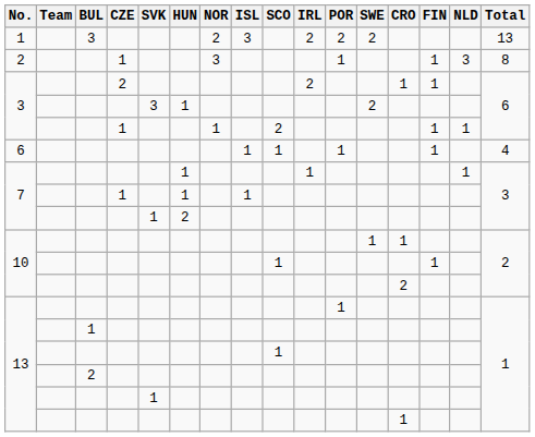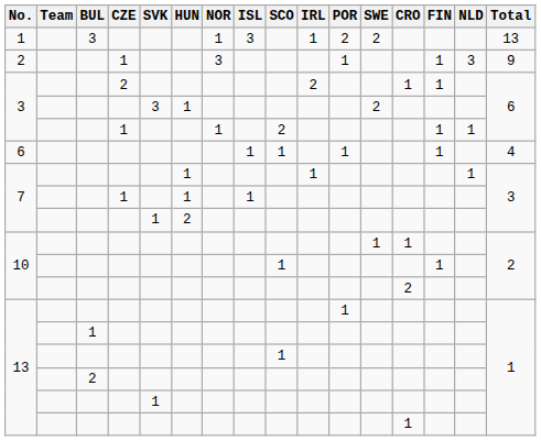 <table class=wikitable style="font-size:80%; text-align:center">
 <tr>
 <th>No.</th>
 <th>Team</th>
 <th>BUL</th>
 <th>CZE</th>
 <th>SVK</th>
 <th>HUN</th>
 <th>NOR</th>
 <th>ISL</th>
 <th>SCO</th>
 <th>IRL</th>
 <th>POR</th>
 <th>SWE</th>
 <th>CRO</th>
 <th>FIN</th>
 <th>NLD</th>
 <th>Total</th>
 </tr>
 <tr>
 <td>1</td>
 <td align=left></td>
 <td>3</td>
 <td></td>
 <td></td>
 <td></td>
-<td>2</td>
+<td>1</td>
 <td>3</td>
 <td></td>
-<td>2</td>
+<td>1</td>
 <td>2</td>
 <td>2</td>
 <td></td>
 <td></td>
 <td></td>
 <td>13</td>
 </tr>
 <tr>
 <td>2</td>
 <td align=left></td>
 <td></td>
 <td>1</td>
 <td></td>
 <td></td>
 <td>3</td>
 <td></td>
 <td></td>
 <td></td>
 <td>1</td>
 <td></td>
 <td></td>
 <td>1</td>
 <td>3</td>
-<td>8</td>
+<td>9</td>
 </tr>
 <tr>
 <td rowspan=3>3</td>
 <td align=left></td>
 <td></td>
 <td>2</td>
 <td></td>
 <td></td>
 <td></td>
 <td></td>
 <td></td>
 <td>2</td>
 <td></td>
 <td></td>
 <td>1</td>
 <td>1</td>
 <td></td>
 <td rowspan=3>6</td>
 </tr>
 <tr>
 <td align=left></td>
 <td></td>
 <td></td>
 <td>3</td>
 <td>1</td>
 <td></td>
 <td></td>
 <td></td>
 <td></td>
 <td></td>
 <td>2</td>
 <td></td>
 <td></td>
 <td></td>
 </tr>
 <tr>
 <td align=left></td>
 <td></td>
 <td>1</td>
 <td></td>
 <td></td>
 <td>1</td>
 <td></td>
 <td>2</td>
 <td></td>
 <td></td>
 <td></td>
 <td></td>
 <td>1</td>
 <td>1</td>
 </tr>
 <tr>
 <td>6</td>
 <td align=left></td>
 <td></td>
 <td></td>
 <td></td>
 <td></td>
 <td></td>
 <td>1</td>
 <td>1</td>
 <td></td>
 <td>1</td>
 <td></td>
 <td></td>
 <td>1</td>
 <td></td>
 <td>4</td>
 </tr>
 <tr>
 <td rowspan=3>7</td>
 <td align=left></td>
 <td></td>
 <td></td>
 <td></td>
 <td>1</td>
 <td></td>
 <td></td>
 <td></td>
 <td>1</td>
 <td></td>
 <td></td>
 <td></td>
 <td></td>
 <td>1</td>
 <td rowspan=3>3</td>
 </tr>
 <tr>
 <td align=left></td>
 <td></td>
 <td>1</td>
 <td></td>
 <td>1</td>
 <td></td>
 <td>1</td>
 <td></td>
 <td></td>
 <td></td>
 <td></td>
 <td></td>
 <td></td>
 <td></td>
 </tr>
 <tr>
 <td align=left></td>
 <td></td>
 <td></td>
 <td>1</td>
 <td>2</td>
 <td></td>
 <td></td>
 <td></td>
 <td></td>
 <td></td>
 <td></td>
 <td></td>
 <td></td>
 <td></td>
 </tr>
 <tr>
 <td rowspan=3>10</td>
 <td align=left></td>
 <td></td>
 <td></td>
 <td></td>
 <td></td>
 <td></td>
 <td></td>
 <td></td>
 <td></td>
 <td></td>
 <td>1</td>
 <td>1</td>
 <td></td>
 <td></td>
 <td rowspan=3>2</td>
 </tr>
 <tr>
 <td align=left></td>
 <td></td>
 <td></td>
 <td></td>
 <td></td>
 <td></td>
 <td></td>
 <td>1</td>
 <td></td>
 <td></td>
 <td></td>
 <td></td>
 <td>1</td>
 <td></td>
 </tr>
 <tr>
 <td align=left></td>
 <td></td>
 <td></td>
 <td></td>
 <td></td>
 <td></td>
 <td></td>
 <td></td>
 <td></td>
 <td></td>
 <td></td>
 <td>2</td>
 <td></td>
 <td></td>
 </tr>
 <tr>
 <td rowspan=6>13</td>
 <td align=left></td>
 <td></td>
 <td></td>
 <td></td>
 <td></td>
 <td></td>
 <td></td>
 <td></td>
 <td></td>
 <td>1</td>
 <td></td>
 <td></td>
 <td></td>
 <td></td>
 <td rowspan=6>1</td>
 </tr>
 <tr>
 <td align=left></td>
 <td>1</td>
 <td></td>
 <td></td>
 <td></td>
 <td></td>
 <td></td>
 <td></td>
 <td></td>
 <td></td>
 <td></td>
 <td></td>
 <td></td>
 <td></td>
 </tr>
 <tr>
 <td align=left></td>
 <td></td>
 <td></td>
 <td></td>
 <td></td>
 <td></td>
 <td></td>
 <td>1</td>
 <td></td>
 <td></td>
 <td></td>
 <td></td>
 <td></td>
 <td></td>
 </tr>
 <tr>
 <td align=left></td>
 <td>2</td>
 <td></td>
 <td></td>
 <td></td>
 <td></td>
 <td></td>
 <td></td>
 <td></td>
 <td></td>
 <td></td>
 <td></td>
 <td></td>
 <td></td>
 </tr>
 <tr>
 <td align=left></td>
 <td></td>
 <td></td>
 <td>1</td>
 <td></td>
 <td></td>
 <td></td>
 <td></td>
 <td></td>
 <td></td>
 <td></td>
 <td></td>
 <td></td>
 <td></td>
 </tr>
 <tr>
 <td align=left></td>
 <td></td>
 <td></td>
 <td></td>
 <td></td>
 <td></td>
 <td></td>
 <td></td>
 <td></td>
 <td></td>
 <td></td>
 <td>1</td>
 <td></td>
 <td></td>
 </tr>
 </table>
